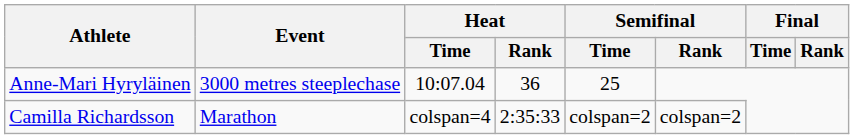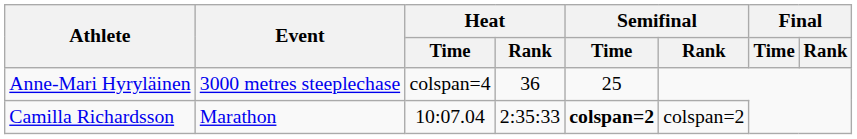 <table class=wikitable style=font-size:90%>
 <tr>
 <th rowspan=2>Athlete</th>
 <th rowspan=2>Event</th>
 <th colspan=2>Heat</th>
 <th colspan=2>Semifinal</th>
 <th colspan=2>Final</th>
 </tr>
 <tr style=font-size:95%>
 <th>Time</th>
 <th>Rank</th>
 <th>Time</th>
 <th>Rank</th>
 <th>Time</th>
 <th>Rank</th>
 </tr>
 <tr align=center>
 <td align=left><a href='#'>Anne-Mari Hyryläinen</a></td>
 <td align=left><a href='#'>3000 metres steeplechase</a></td>
-<td>10:07.04</td>
+<td>colspan=4 </td>
 <td>36</td>
 <td>25</td>
 </tr>
 <tr align=center>
 <td align=left><a href='#'>Camilla Richardsson</a></td>
 <td align=left><a href='#'>Marathon</a></td>
-<td>colspan=4 </td>
+<td>10:07.04</td>
 <td>2:35:33</td>
-<td>colspan=2 </td>
+<td><strong>colspan=2 </strong></td>
 <td>colspan=2 </td>
 </tr>
 </table>
